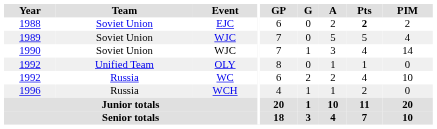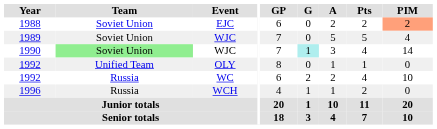 <table border="0" cellpadding="1" cellspacing="0" ID="Table3" style="text-align:center; width:40em">
 <tr bgcolor="#e0e0e0">
 <th>Year</th>
 <th>Team</th>
 <th>Event</th>
 <th rowspan="102" bgcolor="#ffffff"></th>
 <th>GP</th>
 <th>G</th>
 <th>A</th>
 <th>Pts</th>
 <th>PIM</th>
 </tr>
 <tr>
 <td><a href='#'>1988</a></td>
 <td><a href='#'>Soviet Union</a></td>
 <td><a href='#'>EJC</a></td>
 <td>6</td>
 <td>0</td>
 <td>2</td>
-<td><strong>2</strong></td>
 <td>2</td>
+<td style="background: lightsalmon;">2</td>
 </tr>
 <tr bgcolor="#f0f0f0">
 <td><a href='#'>1989</a></td>
 <td>Soviet Union</td>
 <td><a href='#'>WJC</a></td>
 <td>7</td>
 <td>0</td>
 <td>5</td>
 <td>5</td>
 <td>4</td>
 </tr>
 <tr>
 <td><a href='#'>1990</a></td>
-<td>Soviet Union</td>
+<td style="background: lightgreen;">Soviet Union</td>
 <td>WJC</td>
 <td>7</td>
-<td>1</td>
+<td style="background: paleturquoise;">1</td>
 <td>3</td>
 <td>4</td>
 <td>14</td>
 </tr>
 <tr bgcolor="#f0f0f0">
 <td><a href='#'>1992</a></td>
 <td><a href='#'>Unified Team</a></td>
 <td><a href='#'>OLY</a></td>
 <td>8</td>
 <td>0</td>
 <td>1</td>
 <td>1</td>
 <td>0</td>
 </tr>
 <tr>
 <td><a href='#'>1992</a></td>
 <td><a href='#'>Russia</a></td>
 <td><a href='#'>WC</a></td>
 <td>6</td>
 <td>2</td>
 <td>2</td>
 <td>4</td>
 <td>10</td>
 </tr>
 <tr bgcolor="#f0f0f0">
 <td><a href='#'>1996</a></td>
 <td>Russia</td>
 <td><a href='#'>WCH</a></td>
 <td>4</td>
 <td>1</td>
 <td>1</td>
 <td>2</td>
 <td>0</td>
 </tr>
 <tr bgcolor="#e0e0e0">
 <th colspan="3">Junior totals</th>
 <th>20</th>
 <th>1</th>
 <th>10</th>
 <th>11</th>
 <th>20</th>
 </tr>
 <tr bgcolor="#e0e0e0">
 <th colspan="3">Senior totals</th>
 <th>18</th>
 <th>3</th>
 <th>4</th>
 <th>7</th>
 <th>10</th>
 </tr>
 </table>
